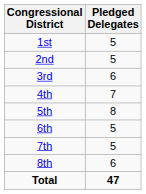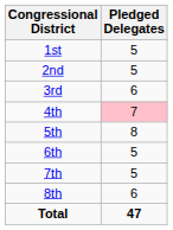 <table class = "wikitable" style="text-align:center;">
 <tr>
 <th>Congressional<br>District</th>
 <th>Pledged<br>Delegates</th>
 </tr>
 <tr>
 <td><a href='#'>1st</a></td>
 <td>5</td>
 </tr>
 <tr>
 <td><a href='#'>2nd</a></td>
 <td>5</td>
 </tr>
 <tr>
 <td><a href='#'>3rd</a></td>
 <td>6</td>
 </tr>
 <tr>
 <td><a href='#'>4th</a></td>
-<td>7</td>
+<td style="background: pink;">7</td>
 </tr>
 <tr>
 <td><a href='#'>5th</a></td>
 <td>8</td>
 </tr>
 <tr>
 <td><a href='#'>6th</a></td>
 <td>5</td>
 </tr>
 <tr>
 <td><a href='#'>7th</a></td>
 <td>5</td>
 </tr>
 <tr>
 <td><a href='#'>8th</a></td>
 <td>6</td>
 </tr>
 <tr>
 <td><strong>Total</strong></td>
 <td><strong>47</strong></td>
 </tr>
 </table>
